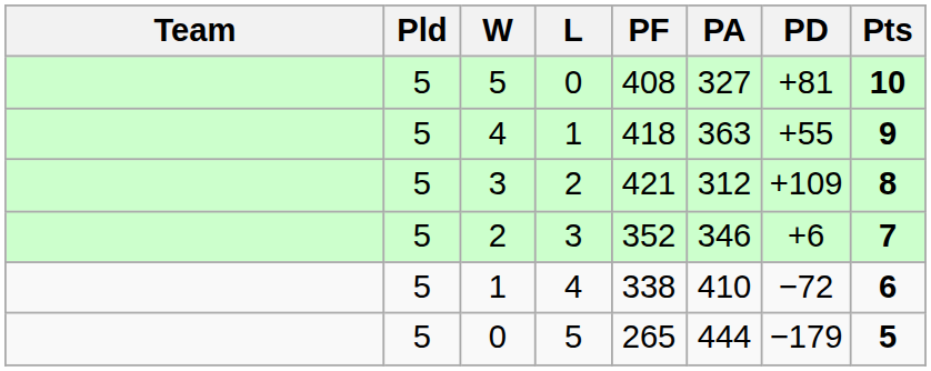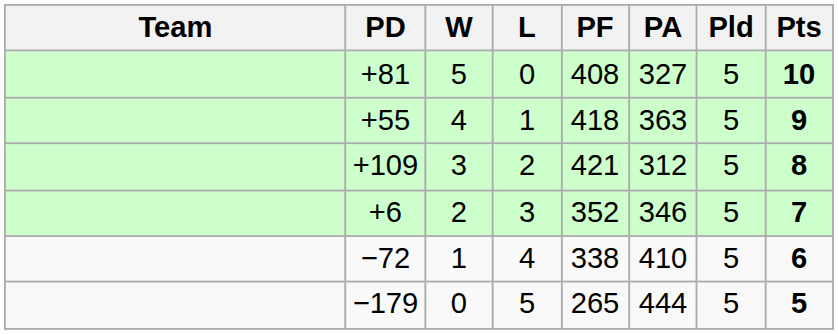 <table class=wikitable style="text-align:center">
 <tr>
 <th width=180>Team</th>
-<th width=30>Pld</th>
+<th width=30>PD</th>
 <th width=30>W</th>
 <th width=30>L</th>
 <th width=30>PF</th>
 <th width=30>PA</th>
-<th width=30>PD</th>
+<th width=30>Pld</th>
 <th width=30>Pts</th>
 </tr>
 <tr align=center bgcolor="#ccffcc">
 <td align=left></td>
-<td>5</td>
+<td>+81</td>
 <td>5</td>
 <td>0</td>
 <td>408</td>
 <td>327</td>
-<td>+81</td>
+<td>5</td>
 <td><strong>10</strong></td>
 </tr>
 <tr align=center bgcolor="#ccffcc">
 <td align=left></td>
-<td>5</td>
+<td>+55</td>
 <td>4</td>
 <td>1</td>
 <td>418</td>
 <td>363</td>
-<td>+55</td>
+<td>5</td>
 <td><strong>9</strong></td>
 </tr>
 <tr align=center bgcolor="#ccffcc">
 <td align=left></td>
-<td>5</td>
+<td>+109</td>
 <td>3</td>
 <td>2</td>
 <td>421</td>
 <td>312</td>
-<td>+109</td>
+<td>5</td>
 <td><strong>8</strong></td>
 </tr>
 <tr align=center bgcolor="#ccffcc">
 <td align=left></td>
-<td>5</td>
+<td>+6</td>
 <td>2</td>
 <td>3</td>
 <td>352</td>
 <td>346</td>
-<td>+6</td>
+<td>5</td>
 <td><strong>7</strong></td>
 </tr>
 <tr align=center>
 <td align=left></td>
-<td>5</td>
+<td>−72</td>
 <td>1</td>
 <td>4</td>
 <td>338</td>
 <td>410</td>
-<td>−72</td>
+<td>5</td>
 <td><strong>6</strong></td>
 </tr>
 <tr align=center>
 <td align=left></td>
-<td>5</td>
+<td>−179</td>
 <td>0</td>
 <td>5</td>
 <td>265</td>
 <td>444</td>
-<td>−179</td>
+<td>5</td>
 <td><strong>5</strong></td>
 </tr>
 </table>
